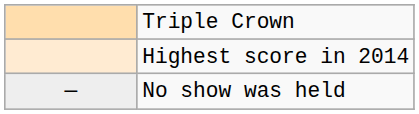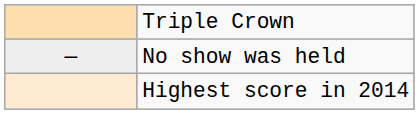 <table class="wikitable">
 <tr>
 <td width="75px" style="font-weight: bold; background: navajowhite;" align="center"></td>
 <td>Triple Crown</td>
 </tr>
 <tr>
+<td width="75px" style="background:#eee;" align="center">—</td>
+<td>No show was held</td>
+</tr>
+<tr>
 <td width="75px" style="background: #ffebd2;"></td>
 <td>Highest score in 2014</td>
 </tr>
-<tr>
-<td width="75px" style="background:#eee;" align="center">—</td>
-<td>No show was held</td>
-</tr>
 </table>
